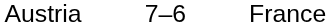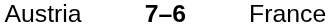 <table style="text-align:center">
 <tr>
 <th width=200></th>
 <th width=100></th>
 <th width=200></th>
 </tr>
 <tr>
 <td align=right>Austria </td>
-<td>7–6</td>
+<td><strong>7–6</strong></td>
 <td align=left> France</td>
 </tr>
 </table>
